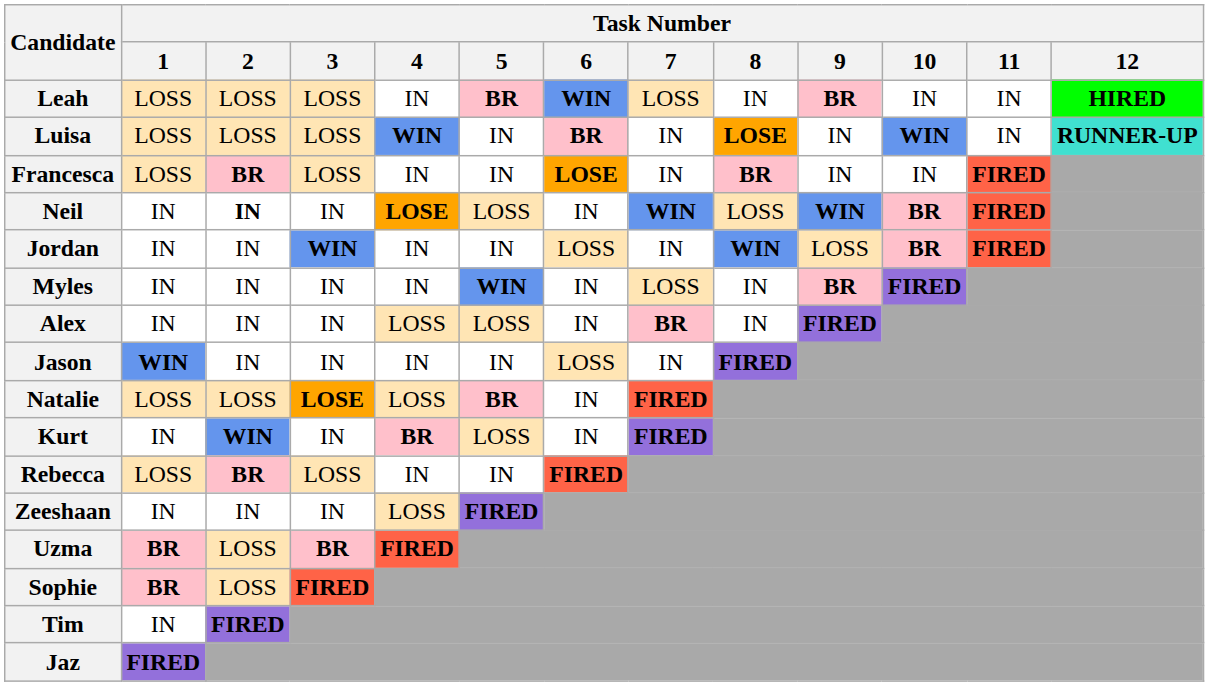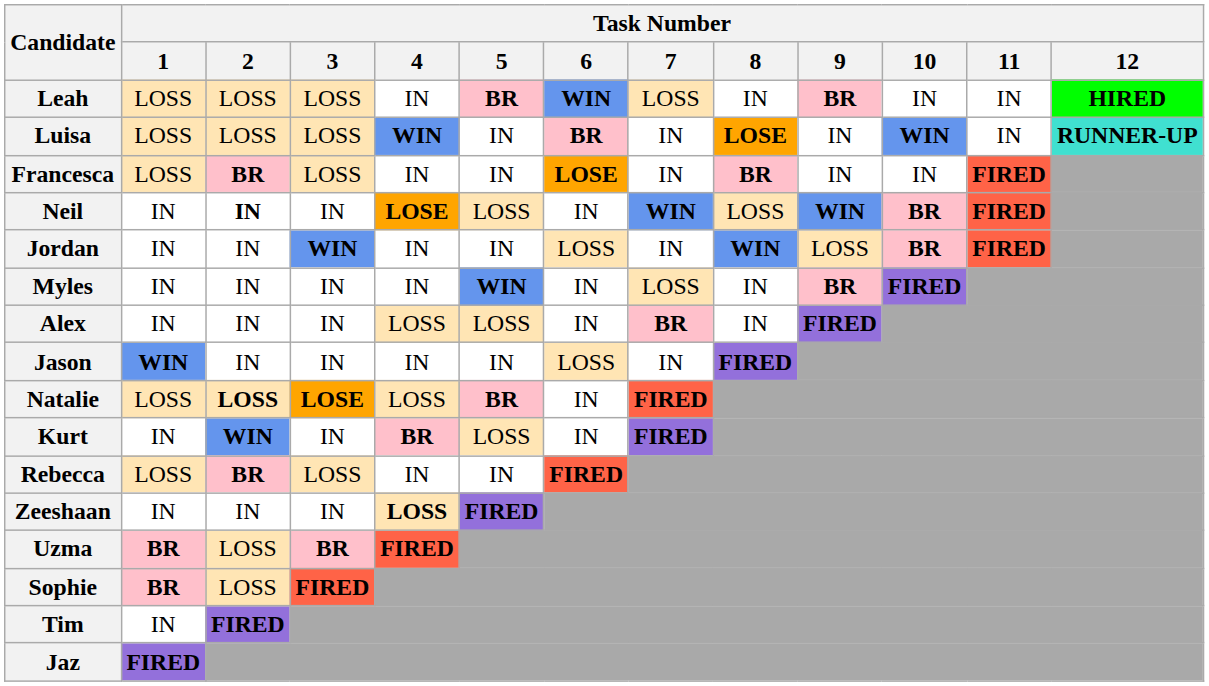 <table class="wikitable" style="text-align:center">
 <tr>
 <th rowspan="2">Candidate</th>
 <th colspan="13">Task Number</th>
 </tr>
 <tr>
 <th>1</th>
 <th>2</th>
 <th>3</th>
 <th>4</th>
 <th>5</th>
 <th>6</th>
 <th>7</th>
 <th>8</th>
 <th>9</th>
 <th>10</th>
 <th>11</th>
 <th>12</th>
 </tr>
 <tr>
 <th>Leah</th>
 <td style="background:#FFE5B4;">LOSS</td>
 <td style="background:#FFE5B4;">LOSS</td>
 <td style="background:#FFE5B4;">LOSS</td>
 <td style="background:white;">IN</td>
 <td style="background:pink;"><strong>BR</strong></td>
 <td style="background:cornflowerblue;"><strong>WIN</strong></td>
 <td style="background:#FFE5B4;">LOSS</td>
 <td style="background:white;">IN</td>
 <td style="background:pink;"><strong>BR</strong></td>
 <td style="background:white;">IN</td>
 <td style="background:white;">IN</td>
 <td style="background:lime;"><strong>HIRED</strong></td>
 </tr>
 <tr>
 <th>Luisa</th>
 <td style="background:#FFE5B4;">LOSS</td>
 <td style="background:#FFE5B4;">LOSS</td>
 <td style="background:#FFE5B4;">LOSS</td>
 <td style="background:cornflowerblue;"><strong>WIN</strong></td>
 <td style="background:white;">IN</td>
 <td style="background:pink;"><strong>BR</strong></td>
 <td style="background:white;">IN</td>
 <td style="background:orange;"><strong>LOSE</strong></td>
 <td style="background:white;">IN</td>
 <td style="background:cornflowerblue;"><strong>WIN</strong></td>
 <td style="background:white;">IN</td>
 <td style="background:turquoise;"><strong>RUNNER-UP</strong></td>
 </tr>
 <tr>
 <th>Francesca</th>
 <td style="background:#FFE5B4;">LOSS</td>
 <td bgcolor="pink"><strong>BR</strong></td>
 <td style="background:#FFE5B4;">LOSS</td>
 <td style="background:white;">IN</td>
 <td style="background:white;">IN</td>
 <td style="background:orange;"><strong>LOSE</strong></td>
 <td style="background:white;">IN</td>
 <td style="background:pink;"><strong>BR</strong></td>
 <td style="background:white;">IN</td>
 <td style="background:white;">IN</td>
 <td style="background:tomato;"><strong>FIRED</strong></td>
 <td colspan="1" style="background:darkgrey;"></td>
 </tr>
 <tr>
 <th>Neil</th>
 <td style="background:white;">IN</td>
 <td style="background:white;"><strong>IN</strong></td>
 <td style="background:white;">IN</td>
 <td style="background:orange;"><strong>LOSE</strong></td>
 <td style="background:#FFE5B4;">LOSS</td>
 <td style="background:white;">IN</td>
 <td style="background:cornflowerblue;"><strong>WIN</strong></td>
 <td style="background:#FFE5B4;">LOSS</td>
 <td style="background:cornflowerblue;"><strong>WIN</strong></td>
 <td style="background:pink;"><strong>BR</strong></td>
 <td style="background:tomato;"><strong>FIRED</strong></td>
 <td colspan="1" style="background:darkgrey;"></td>
 </tr>
 <tr>
 <th>Jordan</th>
 <td style="background:white;">IN</td>
 <td style="background:white;">IN</td>
 <td style="background:cornflowerblue;"><strong>WIN</strong></td>
 <td style="background:white;">IN</td>
 <td style="background:white;">IN</td>
 <td style="background:#FFE5B4;">LOSS</td>
 <td style="background:white;">IN</td>
 <td style="background:cornflowerblue;"><strong>WIN</strong></td>
 <td style="background:#FFE5B4;">LOSS</td>
 <td style="background:pink;"><strong>BR</strong></td>
 <td style="background:tomato;"><strong>FIRED</strong></td>
 <td colspan="1" style="background:darkgrey;"></td>
 </tr>
 <tr>
 <th>Myles</th>
 <td style="background:white;">IN</td>
 <td style="background:white;">IN</td>
 <td style="background:white;">IN</td>
 <td style="background:white;">IN</td>
 <td style="background:cornflowerblue;"><strong>WIN</strong></td>
 <td style="background:white;">IN</td>
 <td style="background:#FFE5B4;">LOSS</td>
 <td style="background:white;">IN</td>
 <td style="background:pink;"><strong>BR</strong></td>
 <td style="background:#9370DB;"><strong>FIRED</strong></td>
 <td colspan="2" style="background:darkgrey;"></td>
 </tr>
 <tr>
 <th>Alex</th>
 <td style="background:white;">IN</td>
 <td style="background:white;">IN</td>
 <td style="background:white;">IN</td>
 <td style="background:#FFE5B4;">LOSS</td>
 <td style="background:#FFE5B4;">LOSS</td>
 <td style="background:white;">IN</td>
 <td style="background:pink;"><strong>BR</strong></td>
 <td style="background:white;">IN</td>
 <td style="background:#9370DB;"><strong>FIRED</strong></td>
 <td colspan="3" style="background:darkgrey;"></td>
 </tr>
 <tr>
 <th>Jason</th>
 <td style="background:cornflowerblue;"><strong>WIN</strong></td>
 <td style="background:white;">IN</td>
 <td style="background:white;">IN</td>
 <td style="background:white;">IN</td>
 <td style="background:white;">IN</td>
 <td style="background:#FFE5B4;">LOSS</td>
 <td style="background:white;">IN</td>
 <td style="background:#9370DB;"><strong>FIRED</strong></td>
 <td colspan="4" style="background:darkgrey;"></td>
 </tr>
 <tr>
 <th>Natalie</th>
 <td style="background:#FFE5B4;">LOSS</td>
-<td style="background:#FFE5B4;">LOSS</td>
+<td style="background:#FFE5B4;"><strong>LOSS</strong></td>
 <td style="background:orange;"><strong>LOSE</strong></td>
 <td style="background:#FFE5B4;">LOSS</td>
 <td style="background:pink;"><strong>BR</strong></td>
 <td style="background:white;">IN</td>
 <td style="background:tomato;"><strong>FIRED</strong></td>
 <td colspan="5" style="background:darkgrey;"></td>
 </tr>
 <tr>
 <th>Kurt</th>
 <td style="background:white;">IN</td>
 <td style="background:cornflowerblue;"><strong>WIN</strong></td>
 <td style="background:white;">IN</td>
 <td style="background:pink;"><strong>BR</strong></td>
 <td style="background:#FFE5B4;">LOSS</td>
 <td style="background:white;">IN</td>
 <td style="background:#9370DB;"><strong>FIRED</strong></td>
 <td colspan="5" style="background:darkgrey;"></td>
 </tr>
 <tr>
 <th>Rebecca</th>
 <td style="background:#FFE5B4;">LOSS</td>
 <td style="background:pink;"><strong>BR</strong></td>
 <td style="background:#FFE5B4;">LOSS</td>
 <td style="background:white;">IN</td>
 <td style="background:white;">IN</td>
 <td style="background:tomato;"><strong>FIRED</strong></td>
 <td colspan="6" style="background:darkgrey;"></td>
 </tr>
 <tr>
 <th>Zeeshaan</th>
 <td style="background:white;">IN</td>
 <td style="background:white;">IN</td>
 <td style="background:white;">IN</td>
-<td style="background:#FFE5B4;">LOSS</td>
+<td style="background:#FFE5B4;"><strong>LOSS</strong></td>
 <td style="background:#9370DB;"><strong>FIRED</strong></td>
 <td colspan="7" style="background:darkgrey;"></td>
 </tr>
 <tr>
 <th>Uzma</th>
 <td style="background:pink;"><strong>BR</strong></td>
 <td style="background:#FFE5B4;">LOSS</td>
 <td style="background:pink;"><strong>BR</strong></td>
 <td style="background:tomato;"><strong>FIRED</strong></td>
 <td colspan="8" style="background:darkgrey;"></td>
 </tr>
 <tr>
 <th>Sophie</th>
 <td style="background:pink;"><strong>BR</strong></td>
 <td style="background:#FFE5B4;">LOSS</td>
 <td style="background:tomato;"><strong>FIRED</strong></td>
 <td colspan="9" style="background:darkgrey;"></td>
 </tr>
 <tr>
 <th>Tim</th>
 <td style="background:white;">IN</td>
 <td style="background:#9370DB;"><strong>FIRED</strong></td>
 <td colspan="10" style="background:darkgrey;"></td>
 </tr>
 <tr>
 <th>Jaz</th>
 <td style="background:#9370DB;"><strong>FIRED</strong></td>
 <td colspan="11" style="background:darkgrey;"></td>
 </tr>
 </table>
